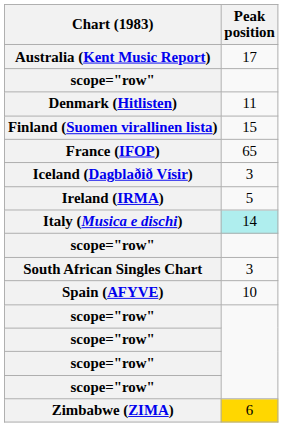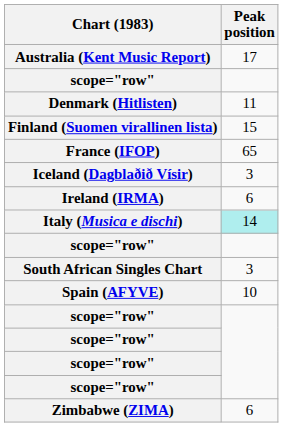 <table class="wikitable sortable plainrowheaders">
 <tr>
 <th>Chart (1983)</th>
 <th>Peak<br>position</th>
 </tr>
 <tr>
 <th scope="row">Australia (<a href='#'>Kent Music Report</a>)</th>
 <td style="text-align:center;">17</td>
 </tr>
 <tr>
 <th>scope="row" </th>
 </tr>
 <tr>
 <th scope="row">Denmark (<a href='#'>Hitlisten</a>)</th>
 <td style="text-align:center;">11</td>
 </tr>
 <tr>
 <th scope="row">Finland (<a href='#'>Suomen virallinen lista</a>)</th>
 <td style="text-align:center;">15</td>
 </tr>
 <tr>
 <th scope="row">France (<a href='#'>IFOP</a>)</th>
 <td align="center">65</td>
 </tr>
 <tr>
 <th scope="row">Iceland (<a href='#'>Dagblaðið Vísir</a>)</th>
 <td align="center">3</td>
 </tr>
 <tr>
 <th scope="row">Ireland (<a href='#'>IRMA</a>)</th>
-<td style="text-align:center;">5</td>
+<td style="text-align:center;">6</td>
 </tr>
 <tr>
 <th scope="row">Italy (<em><a href='#'>Musica e dischi</a></em>)</th>
 <td style="background: paleturquoise; text-align:center;">14</td>
 </tr>
 <tr>
 <th>scope="row" </th>
 </tr>
 <tr>
 <th scope="row">South African Singles Chart</th>
 <td style="text-align:center;">3</td>
 </tr>
 <tr>
 <th scope="row">Spain (<a href='#'>AFYVE</a>)</th>
 <td style="text-align:center;">10</td>
 </tr>
 <tr>
 <th>scope="row" </th>
 </tr>
 <tr>
 <th>scope="row" </th>
 </tr>
 <tr>
 <th>scope="row" </th>
 </tr>
 <tr>
 <th>scope="row" </th>
 </tr>
 <tr>
 <th scope="row">Zimbabwe (<a href='#'>ZIMA</a>)</th>
-<td style="background: gold; text-align:center;">6</td>
+<td style="text-align:center;">6</td>
 </tr>
 </table>
